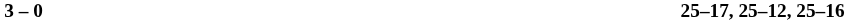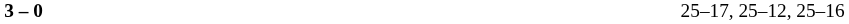 <table width=100% cellspacing=1>
 <tr>
 <th width=20%></th>
 <th width=12%></th>
 <th width=20%></th>
 <th width=33%></th>
 <td></td>
 </tr>
 <tr style=font-size:95%>
 <td align=right><strong></strong></td>
 <td align=center><strong>3 – 0</strong></td>
 <td></td>
-<td><strong>25–17, 25–12, 25–16</strong></td>
+<td>25–17, 25–12, 25–16</td>
 </tr>
 </table>
